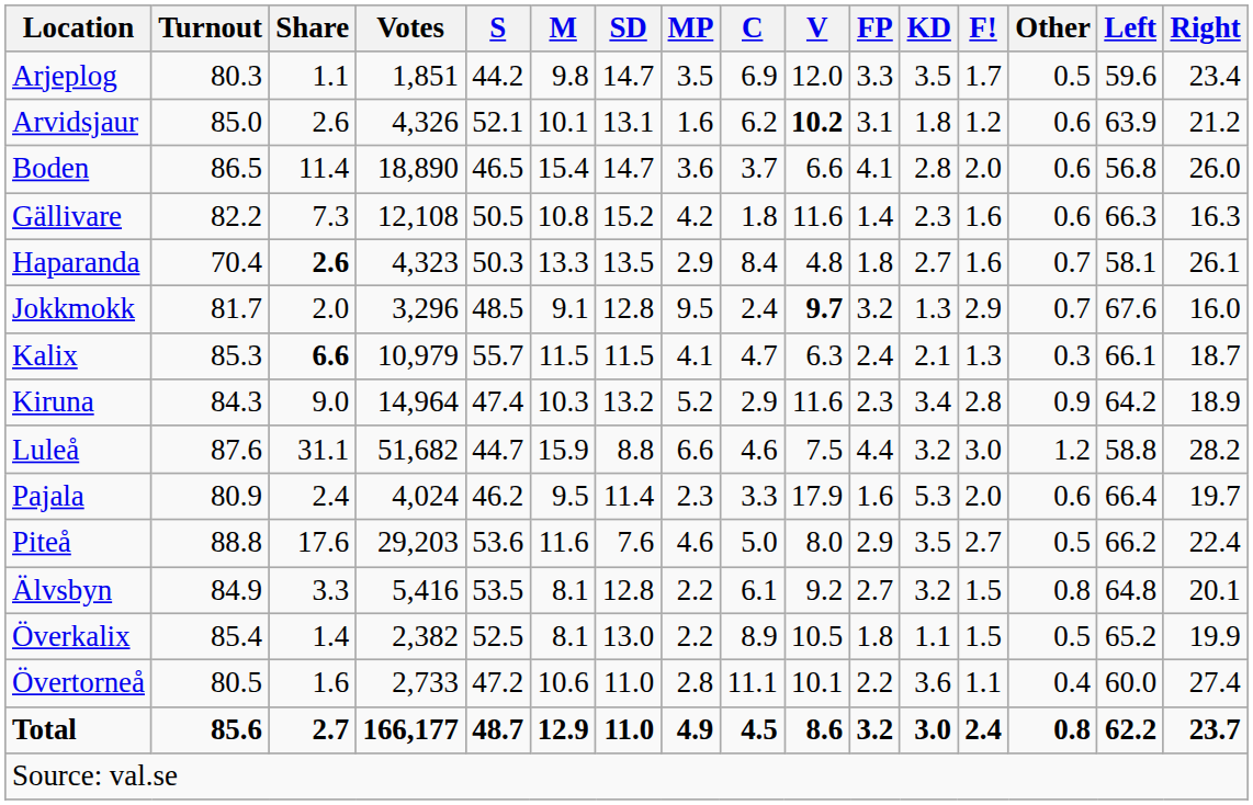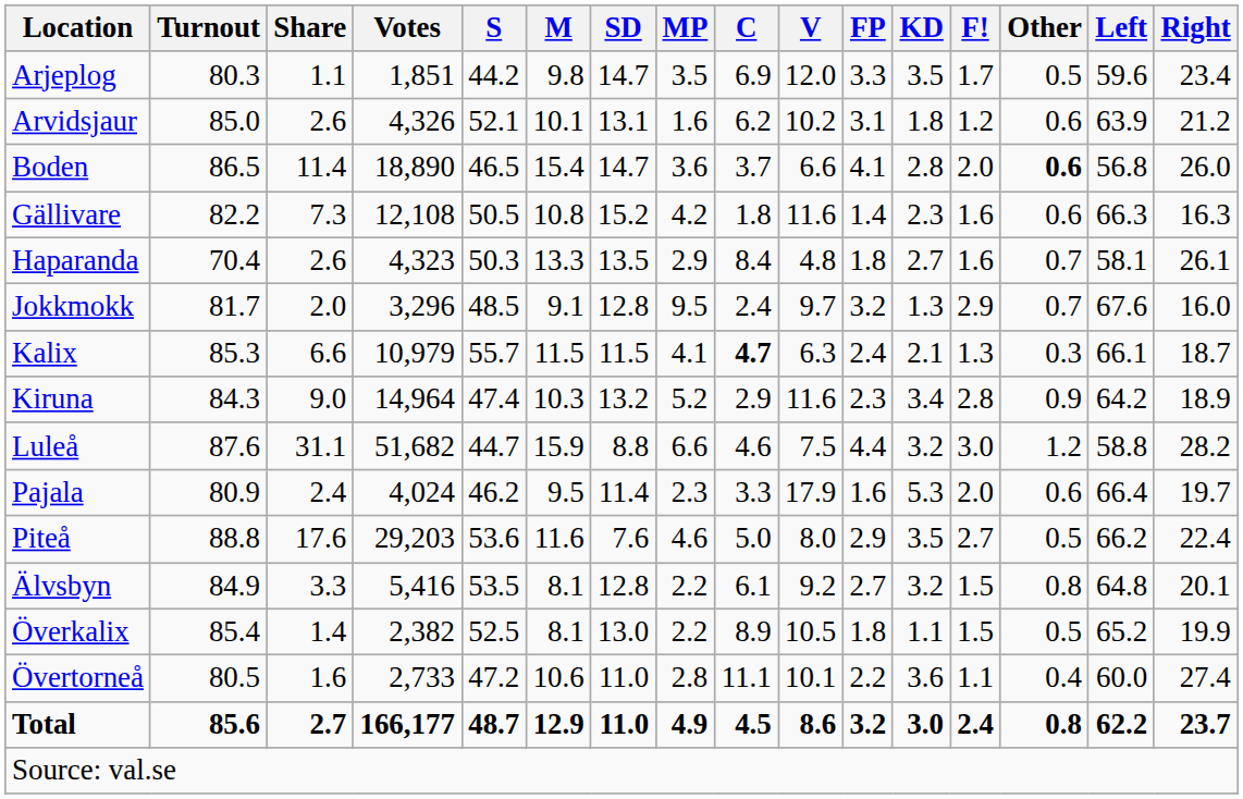 <table class="wikitable sortable" style=text-align:right>
 <tr>
 <th>Location</th>
 <th>Turnout</th>
 <th>Share</th>
 <th>Votes</th>
 <th><a href='#'>S</a></th>
 <th><a href='#'>M</a></th>
 <th><a href='#'>SD</a></th>
 <th><a href='#'>MP</a></th>
 <th><a href='#'>C</a></th>
 <th><a href='#'>V</a></th>
 <th><a href='#'>FP</a></th>
 <th><a href='#'>KD</a></th>
 <th><a href='#'>F!</a></th>
 <th>Other</th>
 <th><a href='#'>Left</a></th>
 <th><a href='#'>Right</a></th>
 </tr>
 <tr>
 <td align=left><a href='#'>Arjeplog</a></td>
 <td>80.3</td>
 <td>1.1</td>
 <td>1,851</td>
 <td>44.2</td>
 <td>9.8</td>
 <td>14.7</td>
 <td>3.5</td>
 <td>6.9</td>
 <td>12.0</td>
 <td>3.3</td>
 <td>3.5</td>
 <td>1.7</td>
 <td>0.5</td>
 <td>59.6</td>
 <td>23.4</td>
 </tr>
 <tr>
 <td align=left><a href='#'>Arvidsjaur</a></td>
 <td>85.0</td>
 <td>2.6</td>
 <td>4,326</td>
 <td>52.1</td>
 <td>10.1</td>
 <td>13.1</td>
 <td>1.6</td>
 <td>6.2</td>
-<td><strong>10.2</strong></td>
+<td>10.2</td>
 <td>3.1</td>
 <td>1.8</td>
 <td>1.2</td>
 <td>0.6</td>
 <td>63.9</td>
 <td>21.2</td>
 </tr>
 <tr>
 <td align=left><a href='#'>Boden</a></td>
 <td>86.5</td>
 <td>11.4</td>
 <td>18,890</td>
 <td>46.5</td>
 <td>15.4</td>
 <td>14.7</td>
 <td>3.6</td>
 <td>3.7</td>
 <td>6.6</td>
 <td>4.1</td>
 <td>2.8</td>
 <td>2.0</td>
-<td>0.6</td>
+<td><strong>0.6</strong></td>
 <td>56.8</td>
 <td>26.0</td>
 </tr>
 <tr>
 <td align=left><a href='#'>Gällivare</a></td>
 <td>82.2</td>
 <td>7.3</td>
 <td>12,108</td>
 <td>50.5</td>
 <td>10.8</td>
 <td>15.2</td>
 <td>4.2</td>
 <td>1.8</td>
 <td>11.6</td>
 <td>1.4</td>
 <td>2.3</td>
 <td>1.6</td>
 <td>0.6</td>
 <td>66.3</td>
 <td>16.3</td>
 </tr>
 <tr>
 <td align=left><a href='#'>Haparanda</a></td>
 <td>70.4</td>
-<td><strong>2.6</strong></td>
+<td>2.6</td>
 <td>4,323</td>
 <td>50.3</td>
 <td>13.3</td>
 <td>13.5</td>
 <td>2.9</td>
 <td>8.4</td>
 <td>4.8</td>
 <td>1.8</td>
 <td>2.7</td>
 <td>1.6</td>
 <td>0.7</td>
 <td>58.1</td>
 <td>26.1</td>
 </tr>
 <tr>
 <td align=left><a href='#'>Jokkmokk</a></td>
 <td>81.7</td>
 <td>2.0</td>
 <td>3,296</td>
 <td>48.5</td>
 <td>9.1</td>
 <td>12.8</td>
 <td>9.5</td>
 <td>2.4</td>
-<td><strong>9.7</strong></td>
+<td>9.7</td>
 <td>3.2</td>
 <td>1.3</td>
 <td>2.9</td>
 <td>0.7</td>
 <td>67.6</td>
 <td>16.0</td>
 </tr>
 <tr>
 <td align=left><a href='#'>Kalix</a></td>
 <td>85.3</td>
-<td><strong>6.6</strong></td>
+<td>6.6</td>
 <td>10,979</td>
 <td>55.7</td>
 <td>11.5</td>
 <td>11.5</td>
 <td>4.1</td>
-<td>4.7</td>
+<td><strong>4.7</strong></td>
 <td>6.3</td>
 <td>2.4</td>
 <td>2.1</td>
 <td>1.3</td>
 <td>0.3</td>
 <td>66.1</td>
 <td>18.7</td>
 </tr>
 <tr>
 <td align=left><a href='#'>Kiruna</a></td>
 <td>84.3</td>
 <td>9.0</td>
 <td>14,964</td>
 <td>47.4</td>
 <td>10.3</td>
 <td>13.2</td>
 <td>5.2</td>
 <td>2.9</td>
 <td>11.6</td>
 <td>2.3</td>
 <td>3.4</td>
 <td>2.8</td>
 <td>0.9</td>
 <td>64.2</td>
 <td>18.9</td>
 </tr>
 <tr>
 <td align=left><a href='#'>Luleå</a></td>
 <td>87.6</td>
 <td>31.1</td>
 <td>51,682</td>
 <td>44.7</td>
 <td>15.9</td>
 <td>8.8</td>
 <td>6.6</td>
 <td>4.6</td>
 <td>7.5</td>
 <td>4.4</td>
 <td>3.2</td>
 <td>3.0</td>
 <td>1.2</td>
 <td>58.8</td>
 <td>28.2</td>
 </tr>
 <tr>
 <td align=left><a href='#'>Pajala</a></td>
 <td>80.9</td>
 <td>2.4</td>
 <td>4,024</td>
 <td>46.2</td>
 <td>9.5</td>
 <td>11.4</td>
 <td>2.3</td>
 <td>3.3</td>
 <td>17.9</td>
 <td>1.6</td>
 <td>5.3</td>
 <td>2.0</td>
 <td>0.6</td>
 <td>66.4</td>
 <td>19.7</td>
 </tr>
 <tr>
 <td align=left><a href='#'>Piteå</a></td>
 <td>88.8</td>
 <td>17.6</td>
 <td>29,203</td>
 <td>53.6</td>
 <td>11.6</td>
 <td>7.6</td>
 <td>4.6</td>
 <td>5.0</td>
 <td>8.0</td>
 <td>2.9</td>
 <td>3.5</td>
 <td>2.7</td>
 <td>0.5</td>
 <td>66.2</td>
 <td>22.4</td>
 </tr>
 <tr>
 <td align=left><a href='#'>Älvsbyn</a></td>
 <td>84.9</td>
 <td>3.3</td>
 <td>5,416</td>
 <td>53.5</td>
 <td>8.1</td>
 <td>12.8</td>
 <td>2.2</td>
 <td>6.1</td>
 <td>9.2</td>
 <td>2.7</td>
 <td>3.2</td>
 <td>1.5</td>
 <td>0.8</td>
 <td>64.8</td>
 <td>20.1</td>
 </tr>
 <tr>
 <td align=left><a href='#'>Överkalix</a></td>
 <td>85.4</td>
 <td>1.4</td>
 <td>2,382</td>
 <td>52.5</td>
 <td>8.1</td>
 <td>13.0</td>
 <td>2.2</td>
 <td>8.9</td>
 <td>10.5</td>
 <td>1.8</td>
 <td>1.1</td>
 <td>1.5</td>
 <td>0.5</td>
 <td>65.2</td>
 <td>19.9</td>
 </tr>
 <tr>
 <td align=left><a href='#'>Övertorneå</a></td>
 <td>80.5</td>
 <td>1.6</td>
 <td>2,733</td>
 <td>47.2</td>
 <td>10.6</td>
 <td>11.0</td>
 <td>2.8</td>
 <td>11.1</td>
 <td>10.1</td>
 <td>2.2</td>
 <td>3.6</td>
 <td>1.1</td>
 <td>0.4</td>
 <td>60.0</td>
 <td>27.4</td>
 </tr>
 <tr>
 <td align=left><strong>Total</strong></td>
 <td><strong>85.6</strong></td>
 <td><strong>2.7</strong></td>
 <td><strong>166,177</strong></td>
 <td><strong>48.7</strong></td>
 <td><strong>12.9</strong></td>
 <td><strong>11.0</strong></td>
 <td><strong>4.9</strong></td>
 <td><strong>4.5</strong></td>
 <td><strong>8.6</strong></td>
 <td><strong>3.2</strong></td>
 <td><strong>3.0</strong></td>
 <td><strong>2.4</strong></td>
 <td><strong>0.8</strong></td>
 <td><strong>62.2</strong></td>
 <td><strong>23.7</strong></td>
 </tr>
 <tr>
 <td align=left colspan=16>Source: val.se </td>
 </tr>
 </table>
